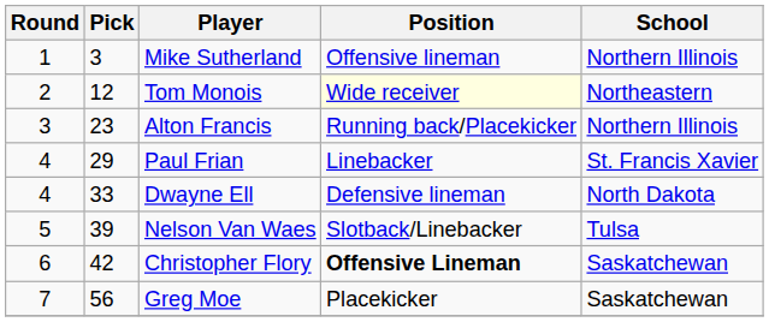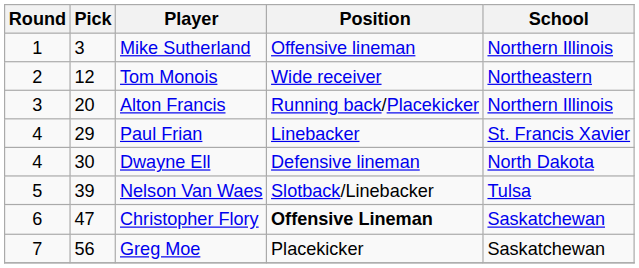 <table class="wikitable" style="font-size: 95%;">
 <tr>
 <th scope="col">Round</th>
 <th scope="col">Pick</th>
 <th scope="col">Player</th>
 <th scope="col">Position</th>
 <th scope="col">School</th>
 </tr>
 <tr>
 <td align=center>1</td>
 <td>3</td>
 <td><a href='#'>Mike Sutherland</a></td>
 <td><a href='#'>Offensive lineman</a></td>
 <td><a href='#'>Northern Illinois</a></td>
 </tr>
 <tr>
 <td align=center>2</td>
 <td>12</td>
 <td><a href='#'>Tom Monois</a></td>
-<td style="background: lightyellow;"><a href='#'>Wide receiver</a></td>
+<td><a href='#'>Wide receiver</a></td>
 <td><a href='#'>Northeastern</a></td>
 </tr>
 <tr>
 <td align=center>3</td>
-<td>23</td>
+<td>20</td>
 <td><a href='#'>Alton Francis</a></td>
 <td><a href='#'>Running back</a>/<a href='#'>Placekicker</a></td>
 <td><a href='#'>Northern Illinois</a></td>
 </tr>
 <tr>
 <td align=center>4</td>
 <td>29</td>
 <td><a href='#'>Paul Frian</a></td>
 <td><a href='#'>Linebacker</a></td>
 <td><a href='#'>St. Francis Xavier</a></td>
 </tr>
 <tr>
 <td align=center>4</td>
-<td>33</td>
+<td>30</td>
 <td><a href='#'>Dwayne Ell</a></td>
 <td><a href='#'>Defensive lineman</a></td>
 <td><a href='#'>North Dakota</a></td>
 </tr>
 <tr>
 <td align=center>5</td>
 <td>39</td>
 <td><a href='#'>Nelson Van Waes</a></td>
 <td><a href='#'>Slotback</a>/Linebacker</td>
 <td><a href='#'>Tulsa</a></td>
 </tr>
 <tr>
 <td align=center>6</td>
-<td>42</td>
+<td>47</td>
 <td><a href='#'>Christopher Flory</a></td>
 <td><strong>Offensive Lineman</strong></td>
 <td><a href='#'>Saskatchewan</a></td>
 </tr>
 <tr>
 <td align=center>7</td>
 <td>56</td>
 <td><a href='#'>Greg Moe</a></td>
 <td>Placekicker</td>
 <td>Saskatchewan</td>
 </tr>
 <tr>
 </tr>
 </table>
